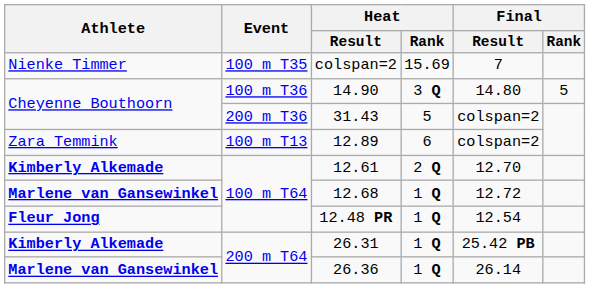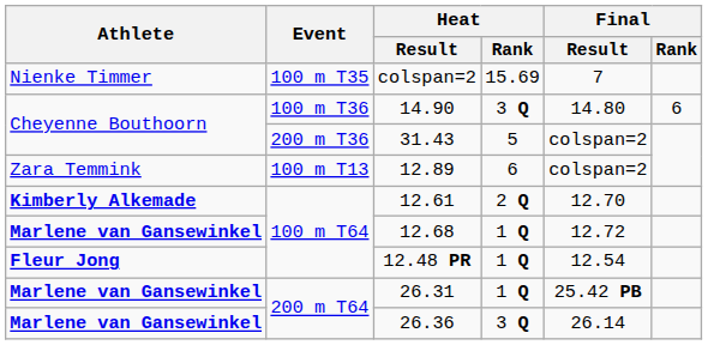 <table class="wikitable" style="font-size:90%">
 <tr>
 <th rowspan="2">Athlete</th>
 <th rowspan="2">Event</th>
 <th colspan="2">Heat</th>
 <th colspan="2">Final</th>
 </tr>
 <tr style="font-size:95%">
 <th>Result</th>
 <th>Rank</th>
 <th>Result</th>
 <th>Rank</th>
 </tr>
 <tr align=center>
 <td align=left><a href='#'>Nienke Timmer</a></td>
 <td align=left><a href='#'>100 m T35</a></td>
 <td>colspan=2 </td>
 <td>15.69</td>
 <td>7</td>
 </tr>
 <tr align=center>
 <td align=left rowspan=2><a href='#'>Cheyenne Bouthoorn</a></td>
 <td align=left><a href='#'>100 m T36</a></td>
 <td>14.90</td>
 <td>3 <strong>Q</strong></td>
 <td>14.80</td>
-<td>5</td>
+<td>6</td>
 </tr>
 <tr align=center>
 <td align=left><a href='#'>200 m T36</a></td>
 <td>31.43</td>
 <td>5</td>
 <td>colspan=2 </td>
 </tr>
 <tr align=center>
 <td align=left><a href='#'>Zara Temmink</a></td>
 <td align=left><a href='#'>100 m T13</a></td>
 <td>12.89</td>
 <td>6</td>
 <td>colspan=2 </td>
 </tr>
 <tr align=center>
 <td align=left><strong><a href='#'>Kimberly Alkemade</a></strong></td>
 <td align=left rowspan=3><a href='#'>100 m T64</a></td>
 <td>12.61</td>
 <td>2 <strong>Q</strong></td>
 <td>12.70</td>
 <td></td>
 </tr>
 <tr align=center>
 <td align=left><strong><a href='#'>Marlene van Gansewinkel</a></strong></td>
 <td>12.68</td>
 <td>1 <strong>Q</strong></td>
 <td>12.72</td>
 <td></td>
 </tr>
 <tr align=center>
 <td align=left><strong><a href='#'>Fleur Jong</a></strong></td>
 <td>12.48 <strong>PR</strong></td>
 <td>1 <strong>Q</strong></td>
 <td>12.54</td>
 <td></td>
 </tr>
 <tr align=center>
-<td align=left><strong><a href='#'>Kimberly Alkemade</a></strong></td>
+<td align=left><strong><a href='#'>Marlene van Gansewinkel</a></strong></td>
 <td align=left rowspan=2><a href='#'>200 m T64</a></td>
 <td>26.31</td>
 <td>1 <strong>Q</strong></td>
 <td>25.42 <strong>PB</strong></td>
 <td></td>
 </tr>
 <tr align=center>
 <td align=left><strong><a href='#'>Marlene van Gansewinkel</a></strong></td>
 <td>26.36</td>
-<td>1 <strong>Q</strong></td>
+<td>3 <strong>Q</strong></td>
 <td>26.14</td>
 <td></td>
 </tr>
 </table>
